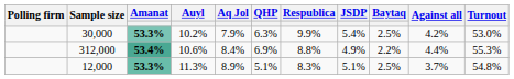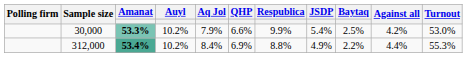 <table class="wikitable" style="text-align: center; font-size:90%; line-height:14px;">
 <tr>
 <th rowspan="2">Polling firm</th>
 <th rowspan="2">Sample size</th>
 <th style="width:50px;"><a href='#'>Amanat</a></th>
 <th style="width:50px;"><a href='#'>Auyl</a></th>
 <th><a href='#'>Aq Jol</a></th>
 <th><a href='#'>QHP</a></th>
 <th><a href='#'>Respublica</a></th>
 <th><a href='#'>JSDP</a></th>
 <th><a href='#'>Baytaq</a></th>
 <th rowspan="2"><a href='#'>Against all</a></th>
 <th rowspan="2" style="width:50px;"><a href='#'>Turnout</a></th>
 </tr>
 <tr>
 <th style="background:"></th>
 <th style="background:"></th>
 <th style="background:"></th>
 <th style="background:"></th>
 <th style="background:"></th>
 <th style="background:"></th>
 <th style="background:"></th>
 </tr>
 <tr>
 <td></td>
 <td>30,000</td>
 <td style="background:#7AC4B4;"><strong>53.3%</strong></td>
 <td>10.2%</td>
 <td>7.9%</td>
-<td>6.3%</td>
+<td>6.6%</td>
 <td>9.9%</td>
 <td>5.4%</td>
 <td>2.5%</td>
 <td>4.2%</td>
 <td>53.0%</td>
 </tr>
 <tr>
 <td></td>
 <td>312,000</td>
 <td style="background:#4AA893;"><strong>53.4%</strong></td>
-<td>10.6%</td>
+<td>10.2%</td>
 <td>8.4%</td>
 <td>6.9%</td>
 <td>8.8%</td>
 <td>4.9%</td>
 <td>2.2%</td>
 <td>4.4%</td>
 <td>55.3%</td>
 </tr>
-<tr>
-<td></td>
-<td>12,000</td>
-<td style="background:#69BDAA;"><strong>53.3%</strong></td>
-<td>11.3%</td>
-<td>8.9%</td>
-<td>5.1%</td>
-<td>8.3%</td>
-<td>5.1%</td>
-<td>2.5%</td>
-<td>3.7%</td>
-<td>54.8%</td>
-</tr>
 </table>
